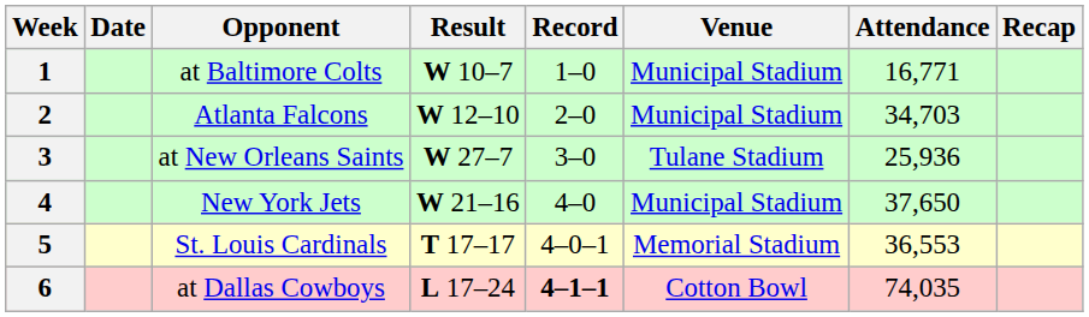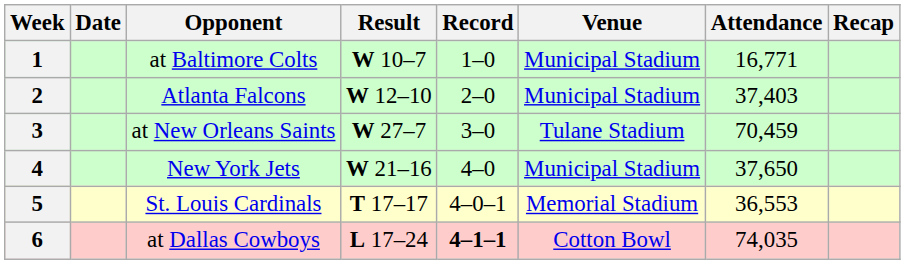 <table class="wikitable" style="text-align:center">
 <tr>
 <th>Week</th>
 <th>Date</th>
 <th>Opponent</th>
 <th>Result</th>
 <th>Record</th>
 <th>Venue</th>
 <th>Attendance</th>
 <th>Recap</th>
 </tr>
 <tr style="background:#cfc">
 <th>1</th>
 <td></td>
 <td>at <a href='#'>Baltimore Colts</a></td>
 <td><strong>W</strong> 10–7</td>
 <td>1–0</td>
 <td><a href='#'>Municipal Stadium</a></td>
 <td>16,771</td>
 <td></td>
 </tr>
 <tr style="background:#cfc">
 <th>2</th>
 <td></td>
 <td><a href='#'>Atlanta Falcons</a></td>
 <td><strong>W</strong> 12–10</td>
 <td>2–0</td>
 <td><a href='#'>Municipal Stadium</a></td>
-<td>34,703</td>
+<td>37,403</td>
 <td></td>
 </tr>
 <tr style="background:#cfc">
 <th>3</th>
 <td></td>
 <td>at <a href='#'>New Orleans Saints</a></td>
 <td><strong>W</strong> 27–7</td>
 <td>3–0</td>
 <td><a href='#'>Tulane Stadium</a></td>
-<td>25,936</td>
+<td>70,459</td>
 <td></td>
 </tr>
 <tr style="background:#cfc">
 <th>4</th>
 <td></td>
 <td><a href='#'>New York Jets</a></td>
 <td><strong>W</strong> 21–16</td>
 <td>4–0</td>
 <td><a href='#'>Municipal Stadium</a></td>
 <td>37,650</td>
 <td></td>
 </tr>
 <tr style="background:#ffc">
 <th>5</th>
 <td></td>
 <td><a href='#'>St. Louis Cardinals</a></td>
 <td><strong>T</strong> 17–17</td>
 <td>4–0–1</td>
 <td><a href='#'>Memorial Stadium</a></td>
 <td>36,553</td>
 <td></td>
 </tr>
 <tr style="background:#fcc">
 <th>6</th>
 <td></td>
 <td>at <a href='#'>Dallas Cowboys</a></td>
 <td><strong>L</strong> 17–24</td>
 <td><strong>4–1–1</strong></td>
 <td><a href='#'>Cotton Bowl</a></td>
 <td>74,035</td>
 <td></td>
 </tr>
 </table>
